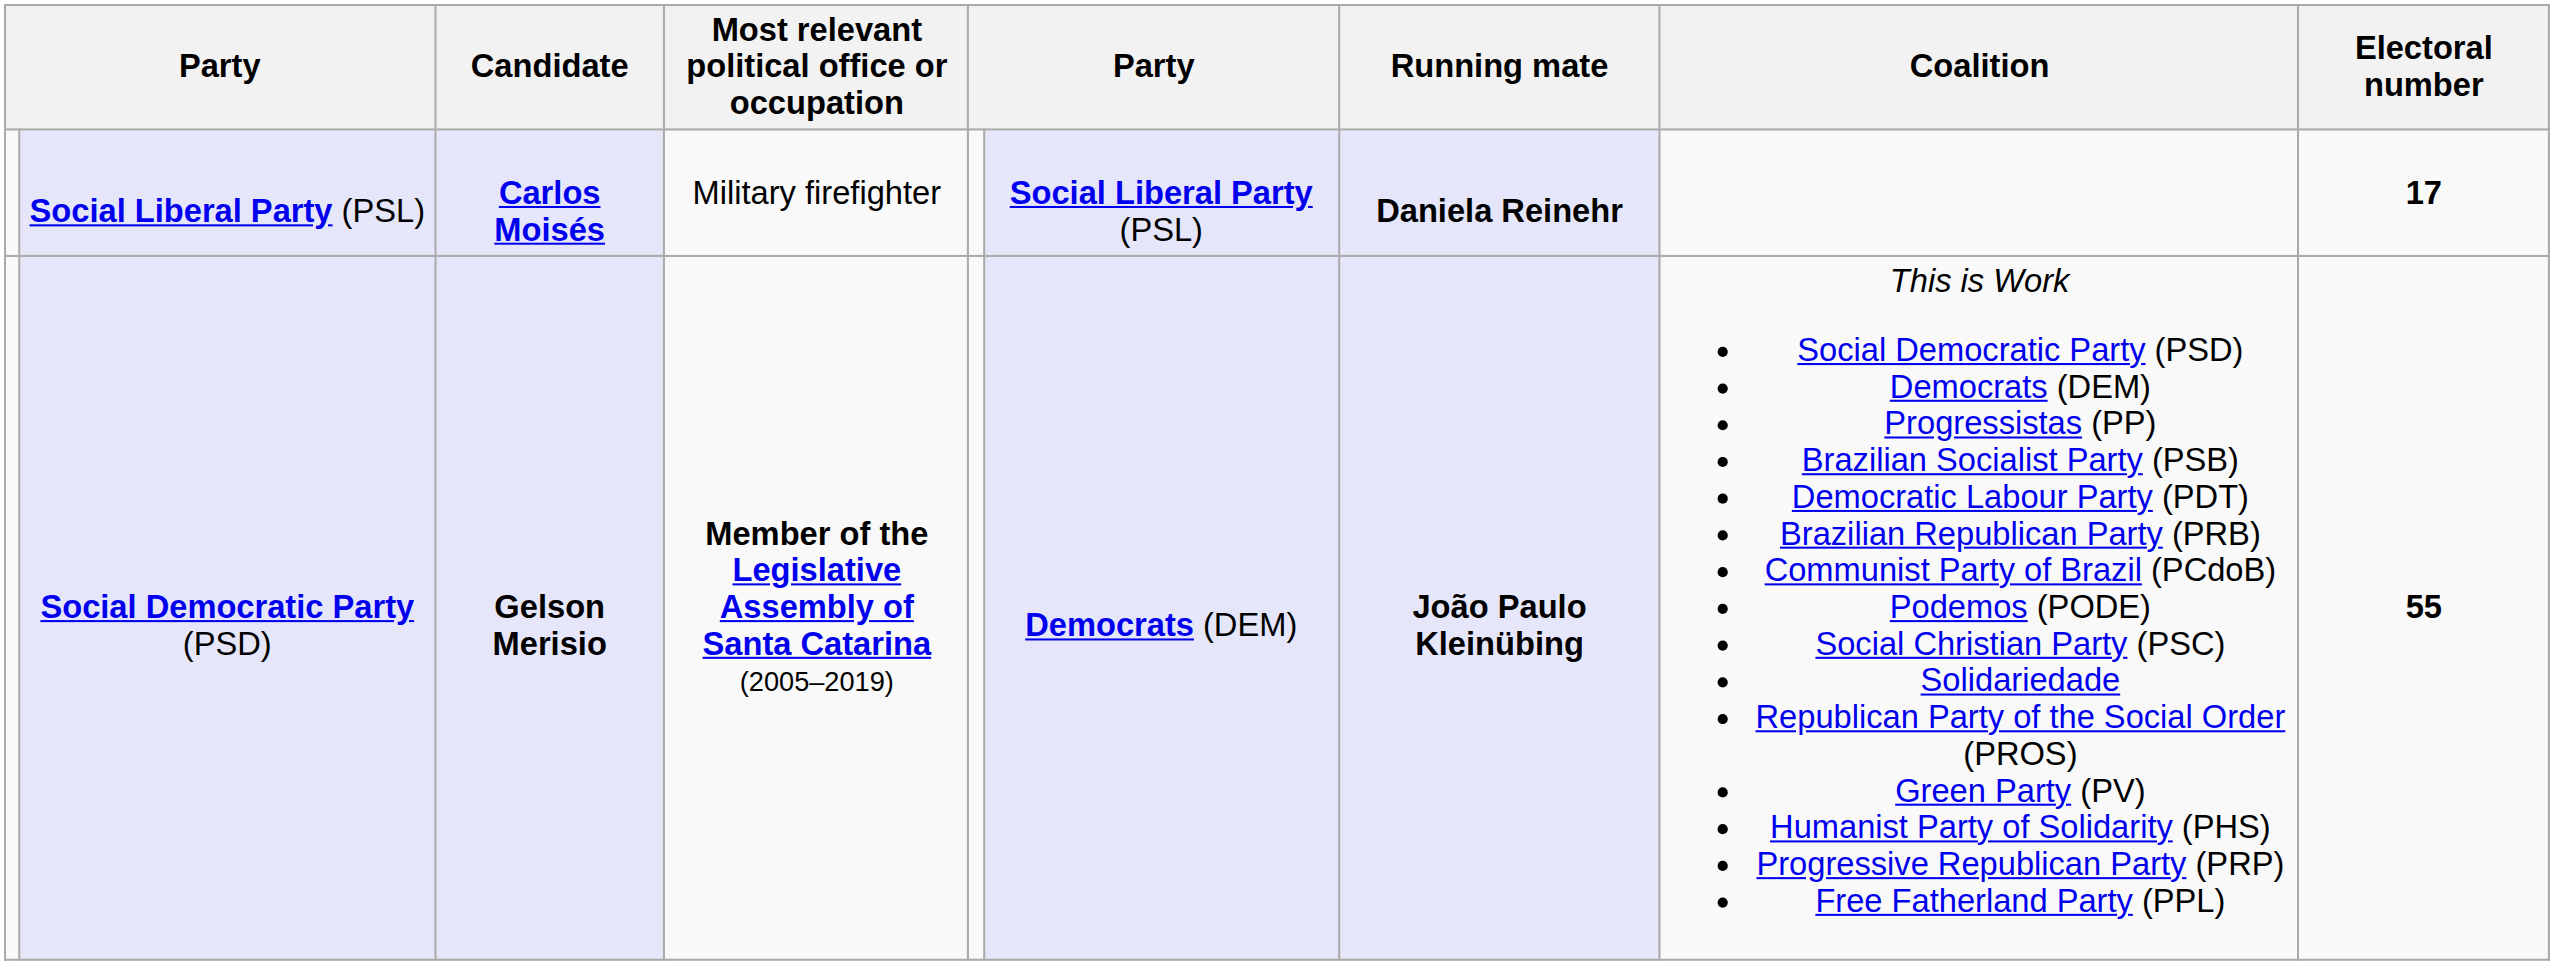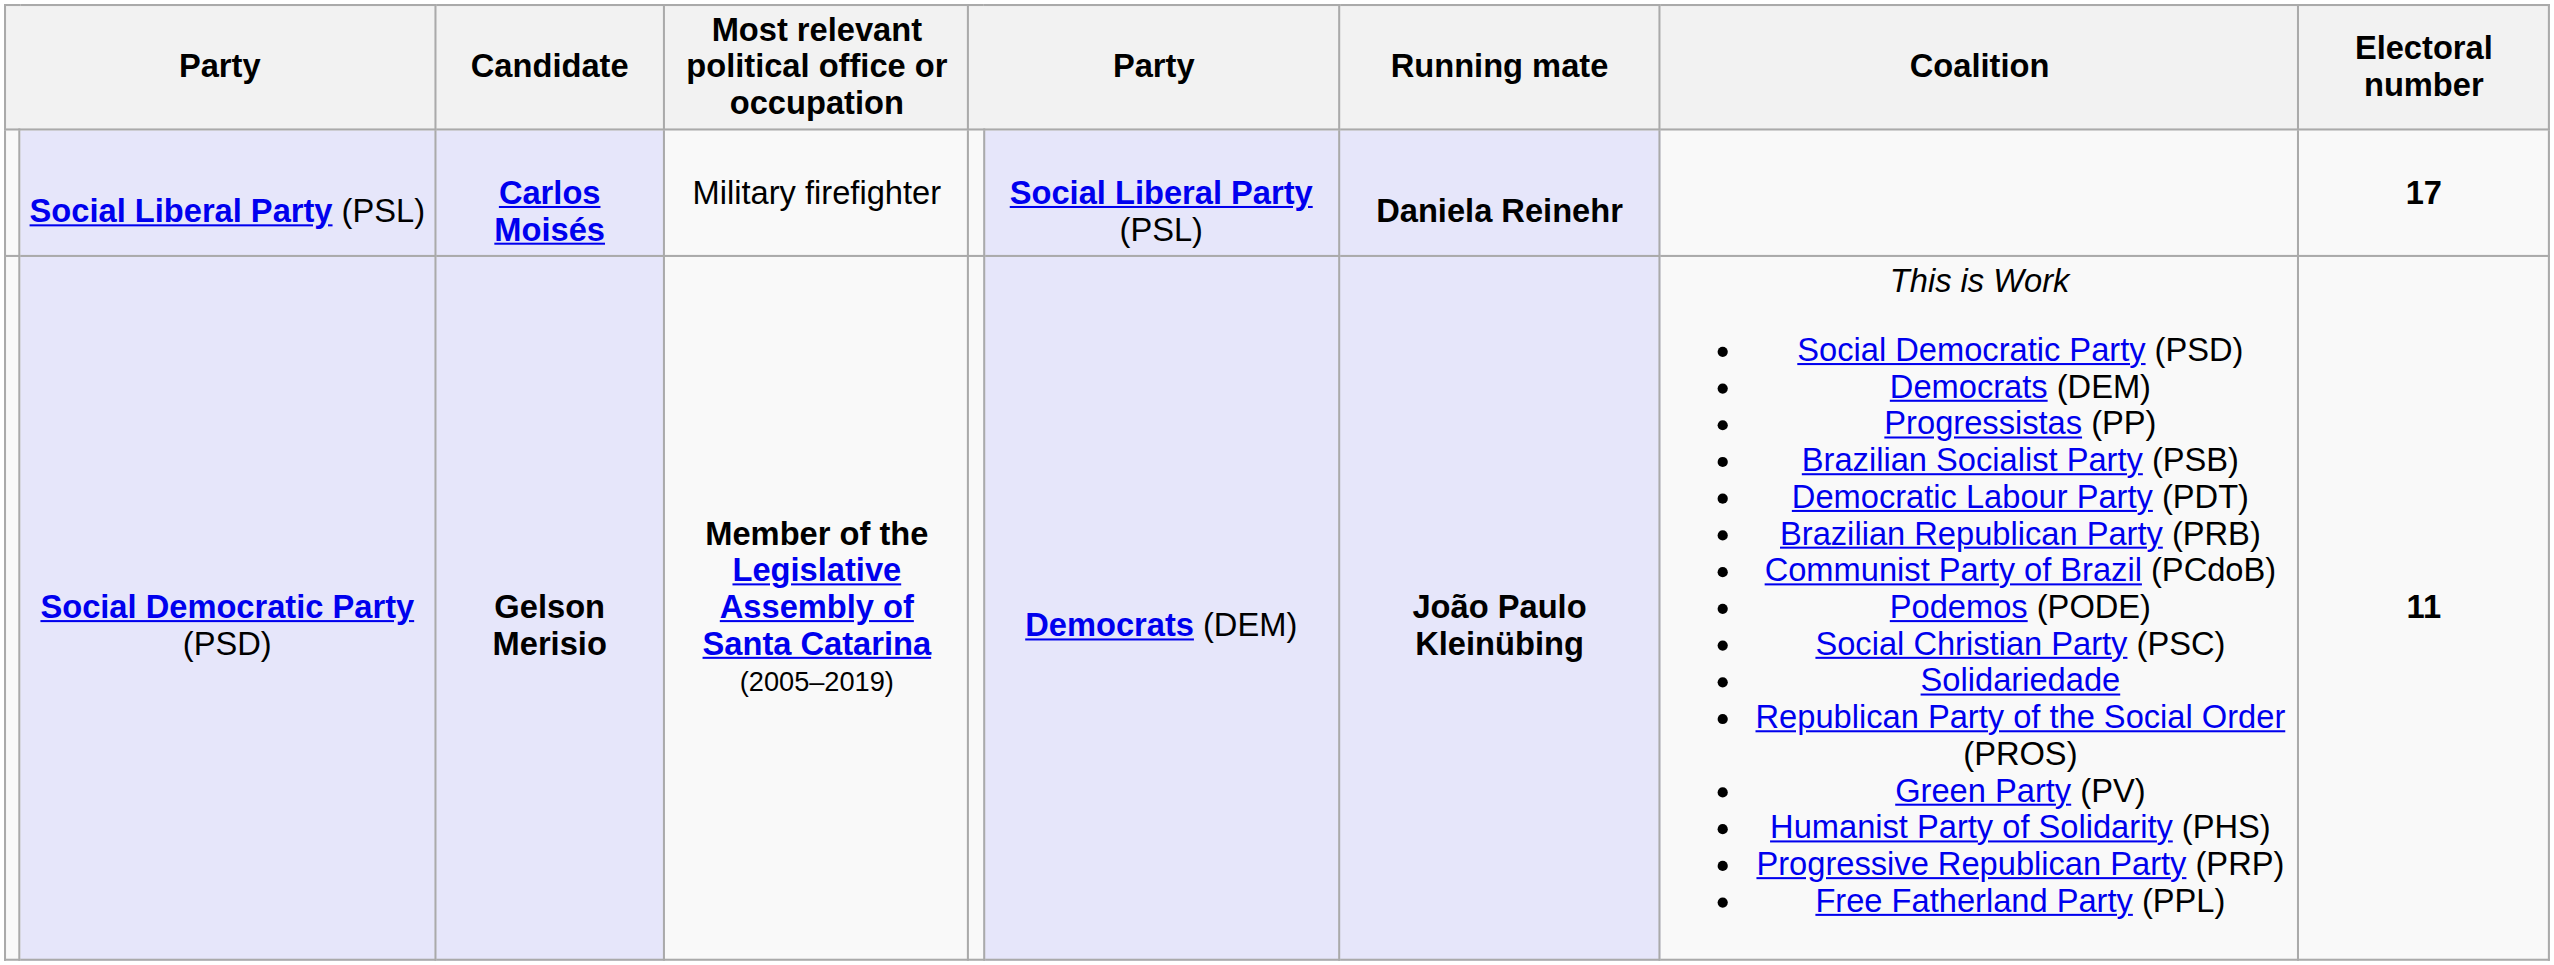 <table class="wikitable" style="text-align:center">
 <tr>
 <th colspan="2">Party</th>
 <th>Candidate</th>
 <th style="max-width:10em">Most relevant political office or occupation</th>
 <th colspan="2">Party</th>
 <th>Running mate</th>
 <th>Coalition</th>
 <th>Electoral number</th>
 </tr>
 <tr>
 <td style="background:"></td>
 <td style="background:lavender;"><br><strong><a href='#'>Social Liberal Party</a></strong> (PSL)</td>
 <td style="background:lavender;"><br><strong><a href='#'>Carlos Moisés</a></strong></td>
 <td style="max-width:10em">Military firefighter</td>
 <td style="background:"></td>
 <td style="background:lavender;"><br><strong><a href='#'>Social Liberal Party</a></strong> (PSL)</td>
 <td style="background:lavender;"><br><strong>Daniela Reinehr</strong></td>
 <td></td>
 <td><strong>17</strong></td>
 </tr>
 <tr>
 <td style="background:"></td>
 <td style="background:lavender;"><br><strong><a href='#'>Social Democratic Party</a></strong> (PSD)</td>
 <td style="background:lavender;"><br><strong>Gelson Merisio</strong></td>
 <td style="max-width:10em"><strong>Member of the <a href='#'>Legislative Assembly of Santa Catarina</a></strong><br><small>(2005–2019)</small></td>
 <td style="background:"></td>
 <td style="background:lavender;"><br><strong><a href='#'>Democrats</a></strong> (DEM)</td>
 <td style="background:lavender;"><br><strong>João Paulo Kleinübing</strong></td>
 <td><em>This is Work</em><br><ul><li><a href='#'>Social Democratic Party</a> (PSD)</li><li><a href='#'>Democrats</a> (DEM)</li><li><a href='#'>Progressistas</a> (PP)</li><li><a href='#'>Brazilian Socialist Party</a> (PSB)</li><li><a href='#'>Democratic Labour Party</a> (PDT)</li><li><a href='#'>Brazilian Republican Party</a> (PRB)</li><li><a href='#'>Communist Party of Brazil</a> (PCdoB)</li><li><a href='#'>Podemos</a> (PODE)</li><li><a href='#'>Social Christian Party</a> (PSC)</li><li><a href='#'>Solidariedade</a></li><li><a href='#'>Republican Party of the Social Order</a> (PROS)</li><li><a href='#'>Green Party</a> (PV)</li><li><a href='#'>Humanist Party of Solidarity</a> (PHS)</li><li><a href='#'>Progressive Republican Party</a> (PRP)</li><li><a href='#'>Free Fatherland Party</a> (PPL)</li></ul></td>
-<td><strong>55</strong></td>
+<td><strong>11</strong></td>
 </tr>
 </table>
